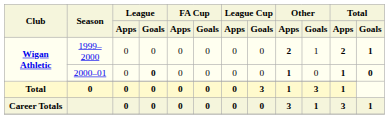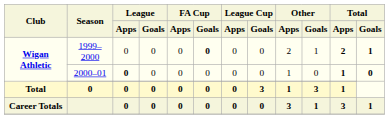 <table border=1 align=center cellpadding=4 cellspacing=2 style="background: ivory; font-size: 95%; border: 1px #aaaaaa solid; border-collapse: collapse; clear:center">
 <tr style="background:beige">
 <th rowspan="2">Club</th>
 <th rowspan="2">Season</th>
 <th colspan="2">League</th>
 <th colspan="2">FA Cup</th>
 <th colspan="2">League Cup</th>
 <th colspan="2">Other</th>
 <th colspan="2">Total</th>
 </tr>
 <tr style="background:beige">
 <th>Apps</th>
 <th>Goals</th>
 <th>Apps</th>
 <th>Goals</th>
 <th>Apps</th>
 <th>Goals</th>
 <th>Apps</th>
 <th>Goals</th>
 <th>Apps</th>
 <th>Goals</th>
 </tr>
 <tr>
 <td rowspan="3" align=center valign=center><strong><a href='#'>Wigan Athletic</a></strong></td>
 <td align="center"><a href='#'>1999–2000</a></td>
 <td align="center">0</td>
 <td align="center">0</td>
 <td align="center">0</td>
+<td align="center"><strong>0</strong></td>
 <td align="center">0</td>
 <td align="center">0</td>
-<td align="center">0</td>
-<td align="center"><strong>2</strong></td>
+<td align="center">2</td>
 <td align="center">1</td>
 <th>2</th>
 <th>1</th>
 </tr>
 <tr>
 <td align="center"><a href='#'>2000–01</a></td>
-<td align="center">0</td>
 <td align="center"><strong>0</strong></td>
 <td align="center">0</td>
 <td align="center">0</td>
 <td align="center">0</td>
 <td align="center">0</td>
-<td align="center"><strong>1</strong></td>
+<td align="center">0</td>
+<td align="center">1</td>
 <td align="center">0</td>
 <th>1</th>
 <th>0</th>
 </tr>
 <tr>
 </tr>
 <tr style="background:lemonchiffon">
 <th>Total</th>
 <th>0</th>
 <th>0</th>
 <th>0</th>
 <th>0</th>
 <th>0</th>
 <th>0</th>
 <th>3</th>
 <th>1</th>
 <th>3</th>
 <th>1</th>
 </tr>
 <tr>
 <th style="background:beige">Career Totals</th>
 <th style="background:beige" colspan="1"></th>
 <th style="background:beige">0</th>
 <th style="background:beige">0</th>
 <th style="background:beige">0</th>
 <th style="background:beige">0</th>
 <th style="background:beige">0</th>
 <th style="background:beige">0</th>
 <th style="background:beige">3</th>
 <th style="background:beige">1</th>
 <th style="background:beige">3</th>
 <th style="background:beige">1</th>
 </tr>
 <tr>
 </tr>
 </table>
